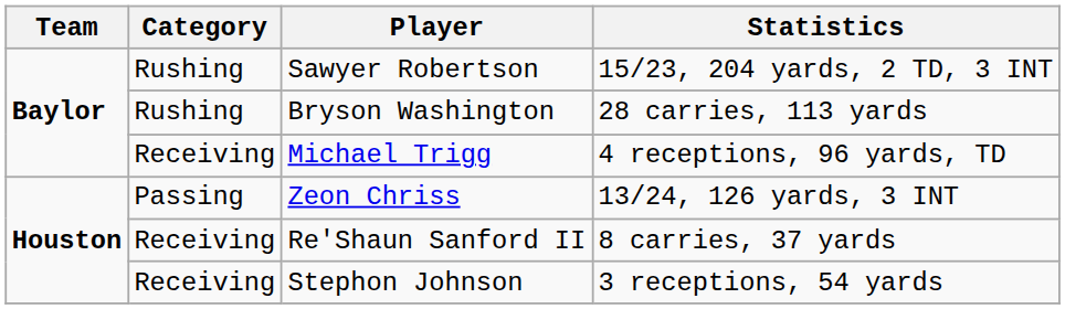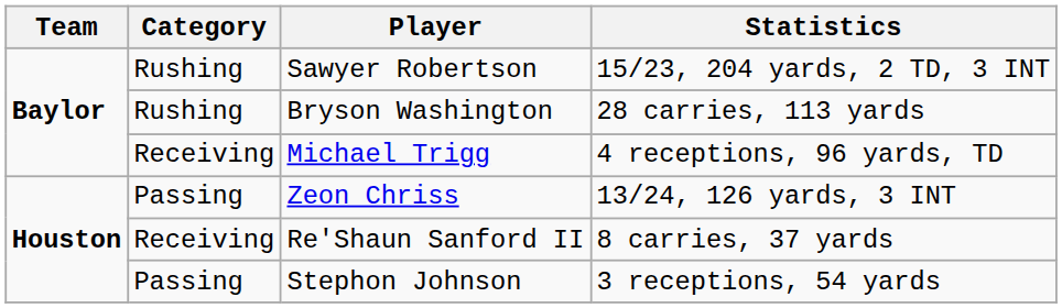 <table class="wikitable" style="float: right;">
 <tr>
 <th>Team</th>
 <th>Category</th>
 <th>Player</th>
 <th>Statistics</th>
 </tr>
 <tr>
 <td rowspan=3><strong>Baylor</strong></td>
 <td>Rushing</td>
 <td>Sawyer Robertson</td>
 <td>15/23, 204 yards, 2 TD, 3 INT</td>
 </tr>
 <tr>
 <td>Rushing</td>
 <td>Bryson Washington</td>
 <td>28 carries, 113 yards</td>
 </tr>
 <tr>
 <td>Receiving</td>
 <td><a href='#'>Michael Trigg</a></td>
 <td>4 receptions, 96 yards, TD</td>
 </tr>
 <tr>
 <td rowspan=3><strong>Houston</strong></td>
 <td>Passing</td>
 <td><a href='#'>Zeon Chriss</a></td>
 <td>13/24, 126 yards, 3 INT</td>
 </tr>
 <tr>
 <td>Receiving</td>
 <td>Re'Shaun Sanford II</td>
 <td>8 carries, 37 yards</td>
 </tr>
 <tr>
-<td>Receiving</td>
+<td>Passing</td>
 <td>Stephon Johnson</td>
 <td>3 receptions, 54 yards</td>
 </tr>
 </table>
